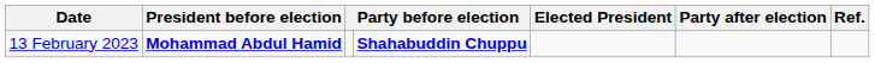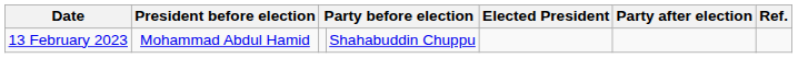 <table class="wikitable sortable" style="text-align:center;">
 <tr>
 <th>Date</th>
 <th>President before election</th>
 <th colspan="2">Party before election</th>
 <th>Elected President</th>
 <th colspan="2">Party after election</th>
 <th>Ref.</th>
 </tr>
 <tr>
 <td><a href='#'>13 February 2023</a></td>
-<td><strong><a href='#'>Mohammad Abdul Hamid</a></strong></td>
+<td><a href='#'>Mohammad Abdul Hamid</a></td>
 <td></td>
-<td><strong><a href='#'>Shahabuddin Chuppu</a></strong></td>
+<td><a href='#'>Shahabuddin Chuppu</a></td>
 <td></td>
 <td></td>
 </tr>
 </table>
